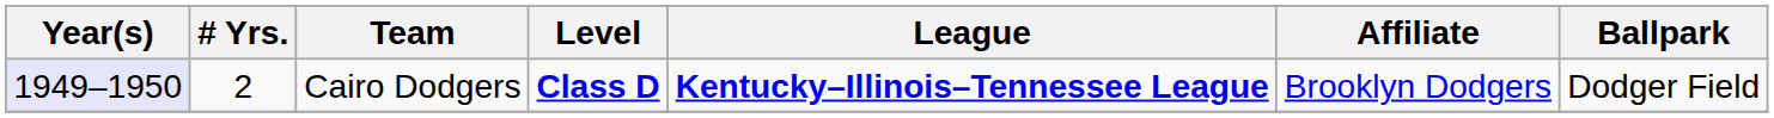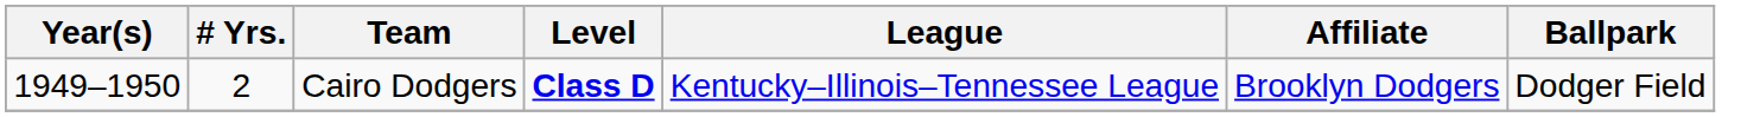 <table class="wikitable" style="text-align:center; font-size: 95%;">
 <tr>
 <th>Year(s)</th>
 <th># Yrs.</th>
 <th>Team</th>
 <th>Level</th>
 <th>League</th>
 <th>Affiliate</th>
 <th>Ballpark</th>
 </tr>
 <tr>
-<td style="background: lavender;">1949–1950</td>
+<td>1949–1950</td>
 <td>2</td>
 <td>Cairo Dodgers</td>
 <td><strong><a href='#'>Class D</a></strong></td>
-<td><strong><a href='#'>Kentucky–Illinois–Tennessee League</a></strong></td>
+<td><a href='#'>Kentucky–Illinois–Tennessee League</a></td>
 <td><a href='#'>Brooklyn Dodgers</a></td>
 <td>Dodger Field</td>
 </tr>
 <tr>
 </tr>
 </table>
